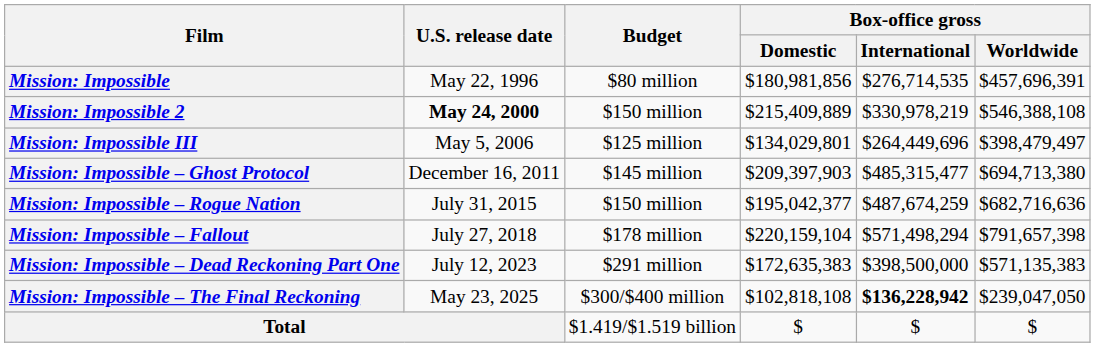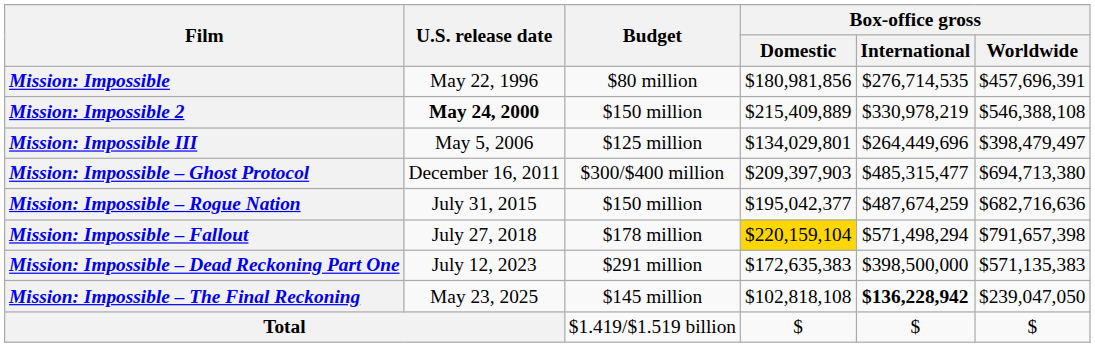 <table class="wikitable sortable plainrowheaders" style="text-align: center">
 <tr>
 <th scope="col" rowspan="2">Film</th>
 <th scope="col" rowspan="2">U.S. release date</th>
 <th scope="col" rowspan="2">Budget</th>
 <th scope="colgroup" colspan="3" class=sortable>Box-office gross</th>
 </tr>
 <tr>
 <th scope="col">Domestic</th>
 <th scope="col">International</th>
 <th scope="col">Worldwide</th>
 </tr>
 <tr>
 <th scope="row" style="text-align: left;"><em><a href='#'>Mission: Impossible</a></em></th>
 <td>May 22, 1996</td>
 <td>$80 million</td>
 <td>$180,981,856</td>
 <td>$276,714,535</td>
 <td>$457,696,391</td>
 </tr>
 <tr>
 <th scope="row" style="text-align: left;"><em><a href='#'>Mission: Impossible 2</a></em></th>
 <td><strong>May 24, 2000</strong></td>
 <td>$150 million</td>
 <td>$215,409,889</td>
 <td>$330,978,219</td>
 <td>$546,388,108</td>
 </tr>
 <tr>
 <th scope="row" style="text-align: left;"><em><a href='#'>Mission: Impossible III</a></em></th>
 <td>May 5, 2006</td>
 <td>$125 million</td>
 <td>$134,029,801</td>
 <td>$264,449,696</td>
 <td>$398,479,497</td>
 </tr>
 <tr>
 <th scope="row" style="text-align: left;"><em><a href='#'>Mission: Impossible – Ghost Protocol</a></em></th>
 <td>December 16, 2011</td>
-<td>$145 million</td>
+<td>$300/$400 million</td>
 <td>$209,397,903</td>
 <td>$485,315,477</td>
 <td>$694,713,380</td>
 </tr>
 <tr>
 <th scope="row" style="text-align: left;"><em><a href='#'>Mission: Impossible – Rogue Nation</a></em></th>
 <td>July 31, 2015</td>
 <td>$150 million</td>
 <td>$195,042,377</td>
 <td>$487,674,259</td>
 <td>$682,716,636</td>
 </tr>
 <tr>
 <th scope="row" style="text-align: left;"><em><a href='#'>Mission: Impossible – Fallout</a></em></th>
 <td>July 27, 2018</td>
 <td>$178 million</td>
-<td>$220,159,104</td>
+<td style="background: gold;">$220,159,104</td>
 <td>$571,498,294</td>
 <td>$791,657,398</td>
 </tr>
 <tr>
 <th scope="row" style="text-align: left;"><em><a href='#'>Mission: Impossible – Dead Reckoning Part One</a></em></th>
 <td>July 12, 2023</td>
 <td>$291 million</td>
 <td>$172,635,383</td>
 <td>$398,500,000</td>
 <td>$571,135,383</td>
 </tr>
 <tr>
 <th scope="row" style="text-align: left;"><em><a href='#'>Mission: Impossible – The Final Reckoning</a></em></th>
 <td>May 23, 2025</td>
-<td>$300/$400 million</td>
+<td>$145 million</td>
 <td>$102,818,108</td>
 <td><strong>$136,228,942</strong></td>
 <td>$239,047,050</td>
 </tr>
 <tr>
 <th scope="row" colspan="2">Total</th>
 <td>$1.419/$1.519 billion</td>
 <td>$</td>
 <td>$</td>
 <td>$</td>
 </tr>
 </table>
